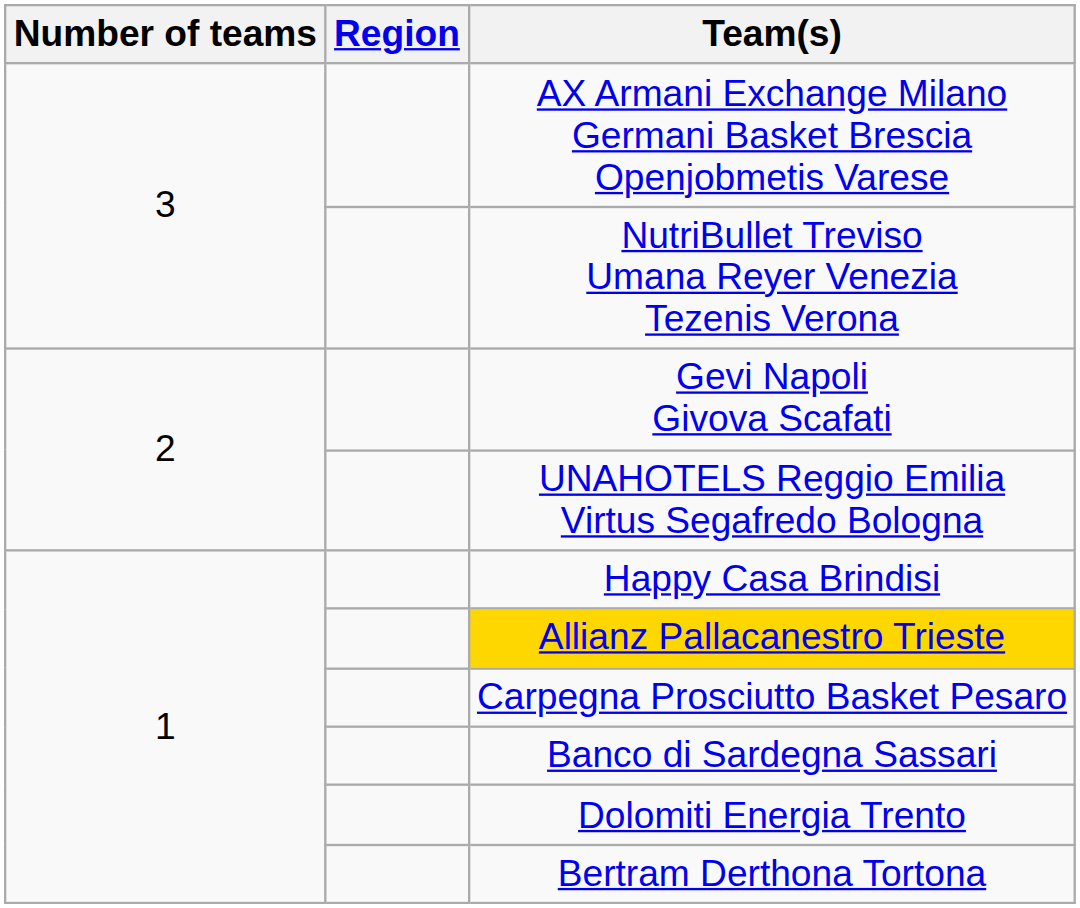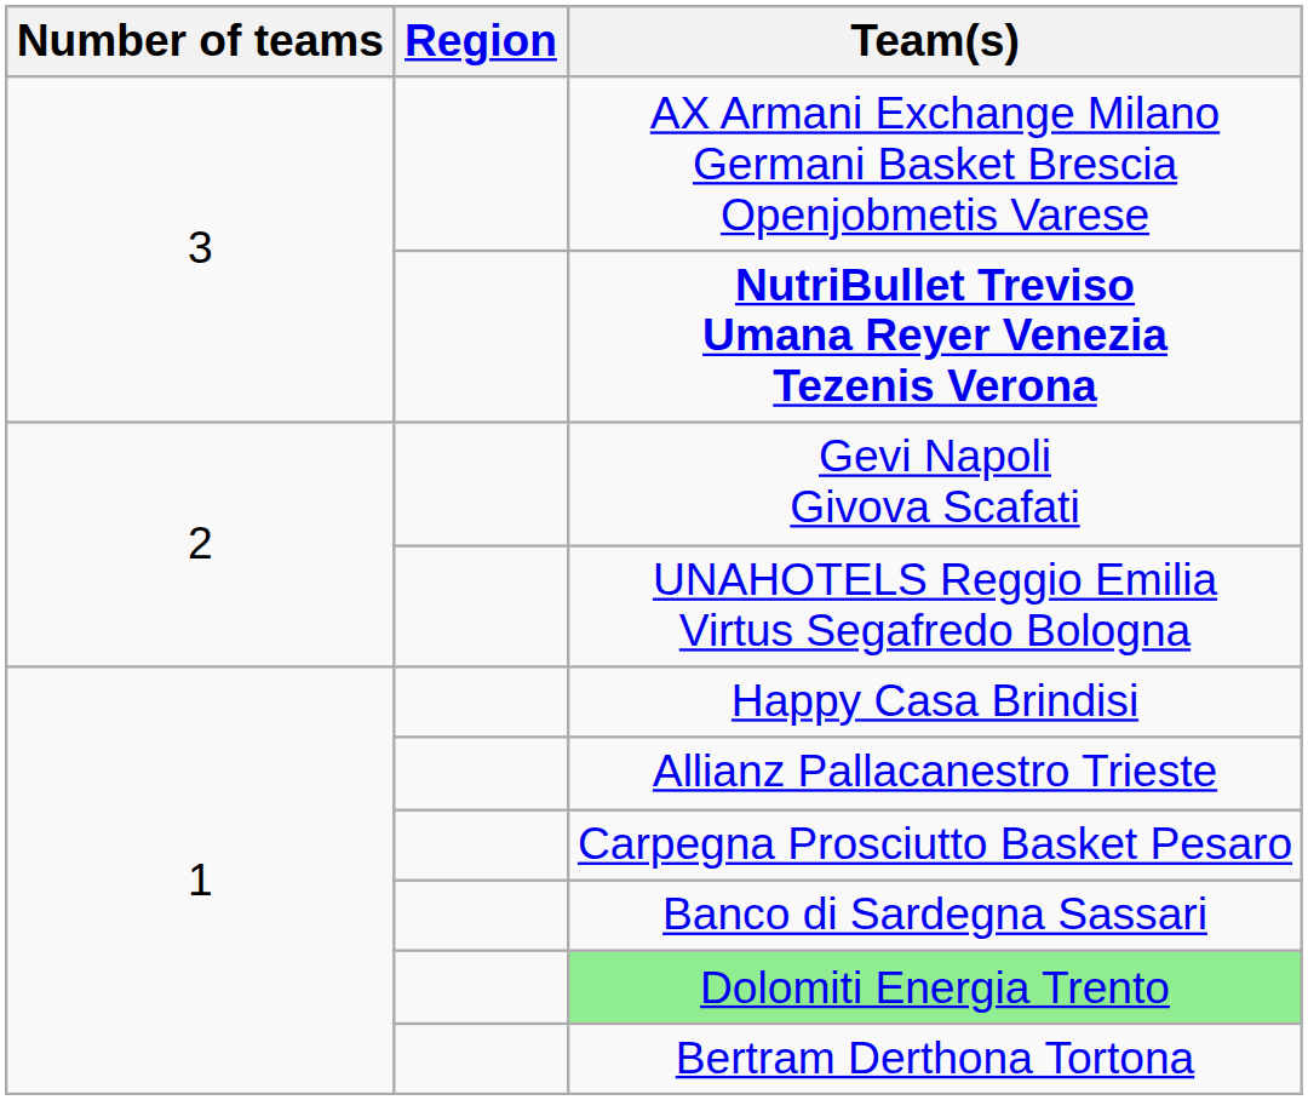 <table class="wikitable" style="text-align:center">
 <tr>
 <th>Number of teams</th>
 <th><a href='#'>Region</a></th>
 <th>Team(s)</th>
 </tr>
 <tr>
 <td rowspan="2">3</td>
 <td style="text-align:left"></td>
 <td><a href='#'>AX Armani Exchange Milano</a><br><a href='#'>Germani Basket Brescia</a><br><a href='#'>Openjobmetis Varese</a></td>
 </tr>
 <tr>
 <td style="text-align:left"></td>
-<td><a href='#'>NutriBullet Treviso</a><br><a href='#'>Umana Reyer Venezia</a><br><a href='#'>Tezenis Verona</a></td>
+<td><strong><a href='#'>NutriBullet Treviso</a><br><a href='#'>Umana Reyer Venezia</a><br><a href='#'>Tezenis Verona</a></strong></td>
 </tr>
 <tr>
 <td rowspan="2">2</td>
 <td style="text-align:left"></td>
 <td><a href='#'>Gevi Napoli</a><br><a href='#'>Givova Scafati</a></td>
 </tr>
 <tr>
 <td style="text-align:left"></td>
 <td><a href='#'>UNAHOTELS Reggio Emilia</a><br><a href='#'>Virtus Segafredo Bologna</a></td>
 </tr>
 <tr>
 <td rowspan="6">1</td>
 <td style="text-align:left"></td>
 <td><a href='#'>Happy Casa Brindisi</a></td>
 </tr>
 <tr>
 <td style="text-align:left"></td>
-<td style="background: gold;"><a href='#'>Allianz Pallacanestro Trieste</a></td>
+<td><a href='#'>Allianz Pallacanestro Trieste</a></td>
 </tr>
 <tr>
 <td style="text-align:left"></td>
 <td><a href='#'>Carpegna Prosciutto Basket Pesaro</a></td>
 </tr>
 <tr>
 <td style="text-align:left"></td>
 <td><a href='#'>Banco di Sardegna Sassari</a></td>
 </tr>
 <tr>
 <td style="text-align:left"></td>
-<td><a href='#'>Dolomiti Energia Trento</a></td>
+<td style="background: lightgreen;"><a href='#'>Dolomiti Energia Trento</a></td>
 </tr>
 <tr>
 <td style="text-align:left"></td>
 <td><a href='#'>Bertram Derthona Tortona</a></td>
 </tr>
 </table>
